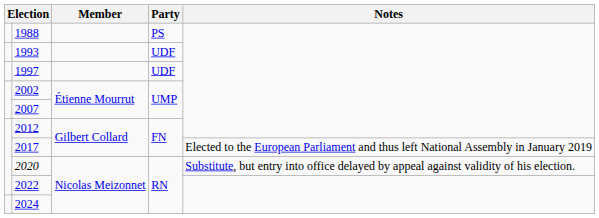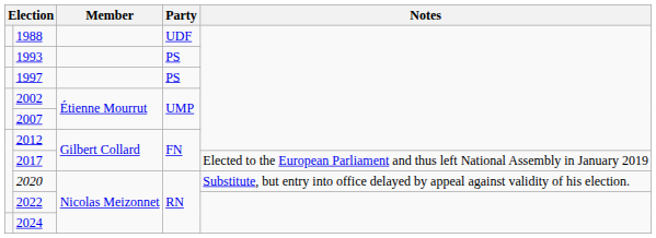 <table class="wikitable">
 <tr>
 <th colspan="2">Election</th>
 <th>Member</th>
 <th>Party</th>
 <th>Notes</th>
 </tr>
 <tr>
 <td style="color:inherit;background-color: "></td>
 <td><a href='#'>1988</a></td>
 <td></td>
-<td><a href='#'>PS</a></td>
+<td><a href='#'>UDF</a></td>
 </tr>
 <tr>
 <td style="color:inherit;background-color: "></td>
 <td><a href='#'>1993</a></td>
 <td></td>
-<td><a href='#'>UDF</a></td>
+<td><a href='#'>PS</a></td>
 </tr>
 <tr>
 <td style="color:inherit;background-color: "></td>
 <td><a href='#'>1997</a></td>
 <td></td>
-<td><a href='#'>UDF</a></td>
+<td><a href='#'>PS</a></td>
 </tr>
 <tr>
 <td rowspan=2 style="color:inherit;background-color: "></td>
 <td><a href='#'>2002</a></td>
 <td rowspan=2><a href='#'>Étienne Mourrut</a></td>
 <td rowspan=2><a href='#'>UMP</a></td>
 </tr>
 <tr>
 <td><a href='#'>2007</a></td>
 </tr>
 <tr>
 <td rowspan=4 style="color:inherit;background-color: "></td>
 <td><a href='#'>2012</a></td>
 <td rowspan=2><a href='#'>Gilbert Collard</a></td>
 <td rowspan=2><a href='#'>FN</a></td>
 </tr>
 <tr>
 <td><a href='#'>2017</a></td>
 <td>Elected to the <a href='#'>European Parliament</a> and thus left National Assembly in January 2019</td>
 </tr>
 <tr>
 <td><em>2020</em></td>
 <td rowspan="3"><a href='#'>Nicolas Meizonnet</a></td>
 <td rowspan="3"><a href='#'>RN</a></td>
 <td><a href='#'>Substitute</a>, but entry into office delayed by appeal against validity of his election.</td>
 </tr>
 <tr>
 <td><a href='#'>2022</a></td>
 <td rowspan="2"></td>
 </tr>
 <tr>
 <td></td>
 <td><a href='#'>2024</a></td>
 </tr>
 </table>
